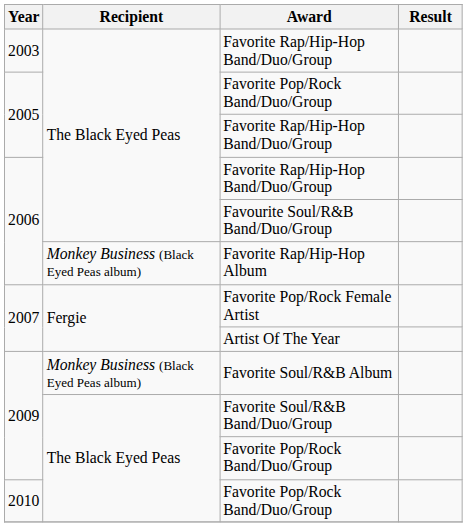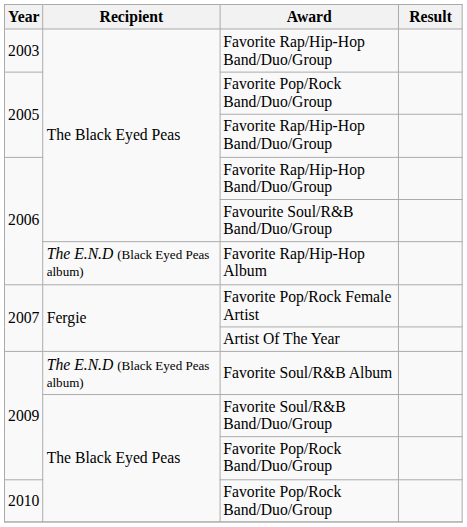 <table style="width: 75%;" class="wikitable">
 <tr>
 <th style="width:6%;"><strong>Year</strong></th>
 <th style="width:40%;"><strong>Recipient</strong></th>
 <th style="width:40%;"><strong>Award</strong></th>
 <th style="width:14%;"><strong>Result</strong></th>
 </tr>
 <tr>
 <td>2003</td>
 <td rowspan=5>The Black Eyed Peas</td>
 <td>Favorite Rap/Hip-Hop Band/Duo/Group</td>
 <td></td>
 </tr>
 <tr>
 <td rowspan=2>2005</td>
 <td>Favorite Pop/Rock Band/Duo/Group</td>
 <td></td>
 </tr>
 <tr>
 <td>Favorite Rap/Hip-Hop Band/Duo/Group</td>
 <td></td>
 </tr>
 <tr>
 <td rowspan=3>2006</td>
 <td>Favorite Rap/Hip-Hop Band/Duo/Group</td>
 <td></td>
 </tr>
 <tr>
 <td>Favourite Soul/R&B Band/Duo/Group</td>
 <td></td>
 </tr>
 <tr>
-<td><em>Monkey Business</em> <small>(Black Eyed Peas album)</small></td>
+<td><em>The E.N.D</em> <small>(Black Eyed Peas album)</small></td>
 <td>Favorite Rap/Hip-Hop Album</td>
 <td></td>
 </tr>
 <tr>
 <td rowspan="2" style="text-align:center;">2007</td>
 <td rowspan="2" style="text-align:left;">Fergie</td>
 <td>Favorite Pop/Rock Female Artist</td>
 <td></td>
 </tr>
 <tr>
 <td>Artist Of The Year</td>
 <td></td>
 </tr>
 <tr>
 <td rowspan=3>2009</td>
-<td><em>Monkey Business</em> <small>(Black Eyed Peas album)</small></td>
+<td><em>The E.N.D</em> <small>(Black Eyed Peas album)</small></td>
 <td>Favorite Soul/R&B Album</td>
 <td></td>
 </tr>
 <tr>
 <td rowspan=3>The Black Eyed Peas</td>
 <td>Favorite Soul/R&B Band/Duo/Group</td>
 <td></td>
 </tr>
 <tr>
 <td>Favorite Pop/Rock Band/Duo/Group</td>
 <td></td>
 </tr>
 <tr>
 <td>2010</td>
 <td>Favorite Pop/Rock Band/Duo/Group</td>
 <td></td>
 </tr>
 <tr>
 </tr>
 </table>
